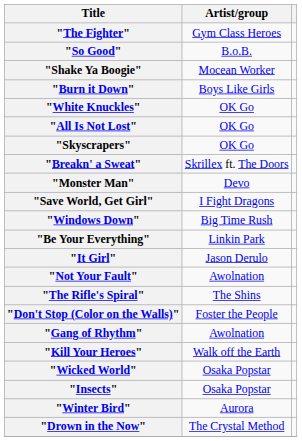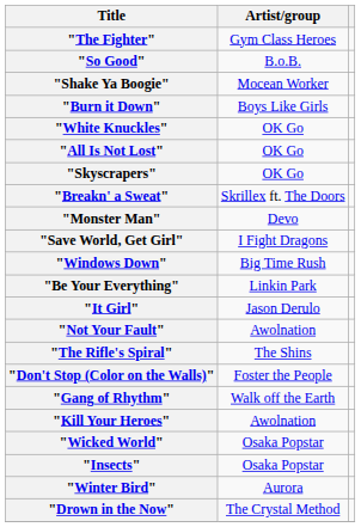 <table class="wikitable plainrowheaders">
 <tr>
 <th>Title</th>
 <th>Artist/group</th>
 <th></th>
 </tr>
 <tr>
 <th scope="row">"<a href='#'>The Fighter</a>"</th>
 <td style="text-align:center;"><a href='#'>Gym Class Heroes</a></td>
 <td></td>
 </tr>
 <tr>
 <th scope="row">"<a href='#'>So Good</a>"</th>
 <td style="text-align:center;"><a href='#'>B.o.B.</a></td>
 <td></td>
 </tr>
 <tr>
 <th scope="row">"Shake Ya Boogie"</th>
 <td style="text-align:center;"><a href='#'>Mocean Worker</a></td>
 <td></td>
 </tr>
 <tr>
 <th scope="row">"<a href='#'>Burn it Down</a>"</th>
 <td style="text-align:center;"><a href='#'>Boys Like Girls</a></td>
 <td></td>
 </tr>
 <tr>
 <th scope="row">"<a href='#'>White Knuckles</a>"</th>
 <td style="text-align:center;"><a href='#'>OK Go</a></td>
 <td></td>
 </tr>
 <tr>
 <th scope="row">"<a href='#'>All Is Not Lost</a>"</th>
 <td style="text-align:center;"><a href='#'>OK Go</a></td>
 <td></td>
 </tr>
 <tr>
 <th scope="row">"Skyscrapers"</th>
 <td style="text-align:center;"><a href='#'>OK Go</a></td>
 <td></td>
 </tr>
 <tr>
 <th scope="row">"<a href='#'>Breakn' a Sweat</a>"</th>
 <td style="text-align:center;"><a href='#'>Skrillex</a> ft. <a href='#'>The Doors</a></td>
 <td></td>
 </tr>
 <tr>
 <th scope="row">"Monster Man"</th>
 <td style="text-align:center;"><a href='#'>Devo</a></td>
 <td></td>
 </tr>
 <tr>
 <th scope="row">"Save World, Get Girl"</th>
 <td style="text-align:center;"><a href='#'>I Fight Dragons</a></td>
 <td></td>
 </tr>
 <tr>
 <th scope="row">"<a href='#'>Windows Down</a>"</th>
 <td style="text-align:center;"><a href='#'>Big Time Rush</a></td>
 <td></td>
 </tr>
 <tr>
 <th scope="row">"Be Your Everything"</th>
 <td style="text-align:center;"><a href='#'>Linkin Park</a></td>
 <td></td>
 </tr>
 <tr>
 <th scope="row">"<a href='#'>It Girl</a>"</th>
 <td style="text-align:center;"><a href='#'>Jason Derulo</a></td>
 <td></td>
 </tr>
 <tr>
 <th scope="row">"<a href='#'>Not Your Fault</a>"</th>
 <td style="text-align:center;"><a href='#'>Awolnation</a></td>
 <td></td>
 </tr>
 <tr>
 <th scope="row">"<a href='#'>The Rifle's Spiral</a>"</th>
 <td style="text-align:center;"><a href='#'>The Shins</a></td>
 <td></td>
 </tr>
 <tr>
 <th scope="row">"<a href='#'>Don't Stop (Color on the Walls)</a>"</th>
 <td style="text-align:center;"><a href='#'>Foster the People</a></td>
 <td></td>
 </tr>
 <tr>
 <th scope="row">"<a href='#'>Gang of Rhythm</a>"</th>
-<td style="text-align:center;"><a href='#'>Awolnation</a></td>
+<td style="text-align:center;"><a href='#'>Walk off the Earth</a></td>
 <td></td>
 </tr>
 <tr>
 <th scope="row">"<a href='#'>Kill Your Heroes</a>"</th>
-<td style="text-align:center;"><a href='#'>Walk off the Earth</a></td>
+<td style="text-align:center;"><a href='#'>Awolnation</a></td>
 <td></td>
 </tr>
 <tr>
 <th scope="row">"<a href='#'>Wicked World</a>"</th>
 <td style="text-align:center;"><a href='#'>Osaka Popstar</a></td>
 <td></td>
 </tr>
 <tr>
 <th scope="row">"<a href='#'>Insects</a>"</th>
 <td style="text-align:center;"><a href='#'>Osaka Popstar</a></td>
 <td></td>
 </tr>
 <tr>
 <th scope="row">"<a href='#'>Winter Bird</a>"</th>
 <td style="text-align:center;"><a href='#'>Aurora</a></td>
 <td></td>
 </tr>
 <tr>
 <th scope="row">"<a href='#'>Drown in the Now</a>"</th>
 <td style="text-align:center;"><a href='#'>The Crystal Method</a></td>
 <td></td>
 </tr>
 <tr>
 </tr>
 </table>
